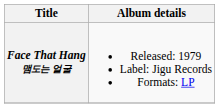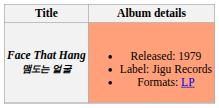 <table class="wikitable plainrowheaders" style="text-align:center;">
 <tr>
 <th scope="col" rowspan="1">Title</th>
 <th scope="col" rowspan="1">Album details</th>
 </tr>
 <tr>
 <th scope="row"><em>Face That Hang</em><br><small><em>맴도는 얼굴</em></small></th>
-<td><br><ul><li>Released: 1979</li><li>Label: Jigu Records</li><li>Formats: <a href='#'>LP</a></li></ul></td>
+<td style="background: lightsalmon;"><br><ul><li>Released: 1979</li><li>Label: Jigu Records</li><li>Formats: <a href='#'>LP</a></li></ul></td>
 </tr>
 <tr>
 </tr>
 </table>
